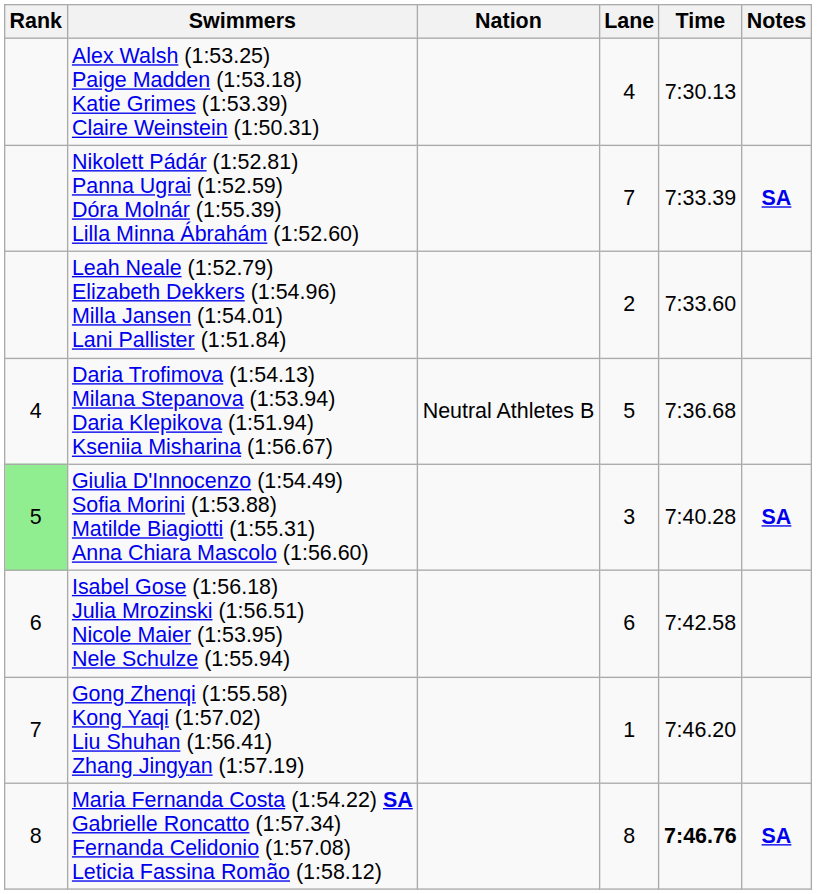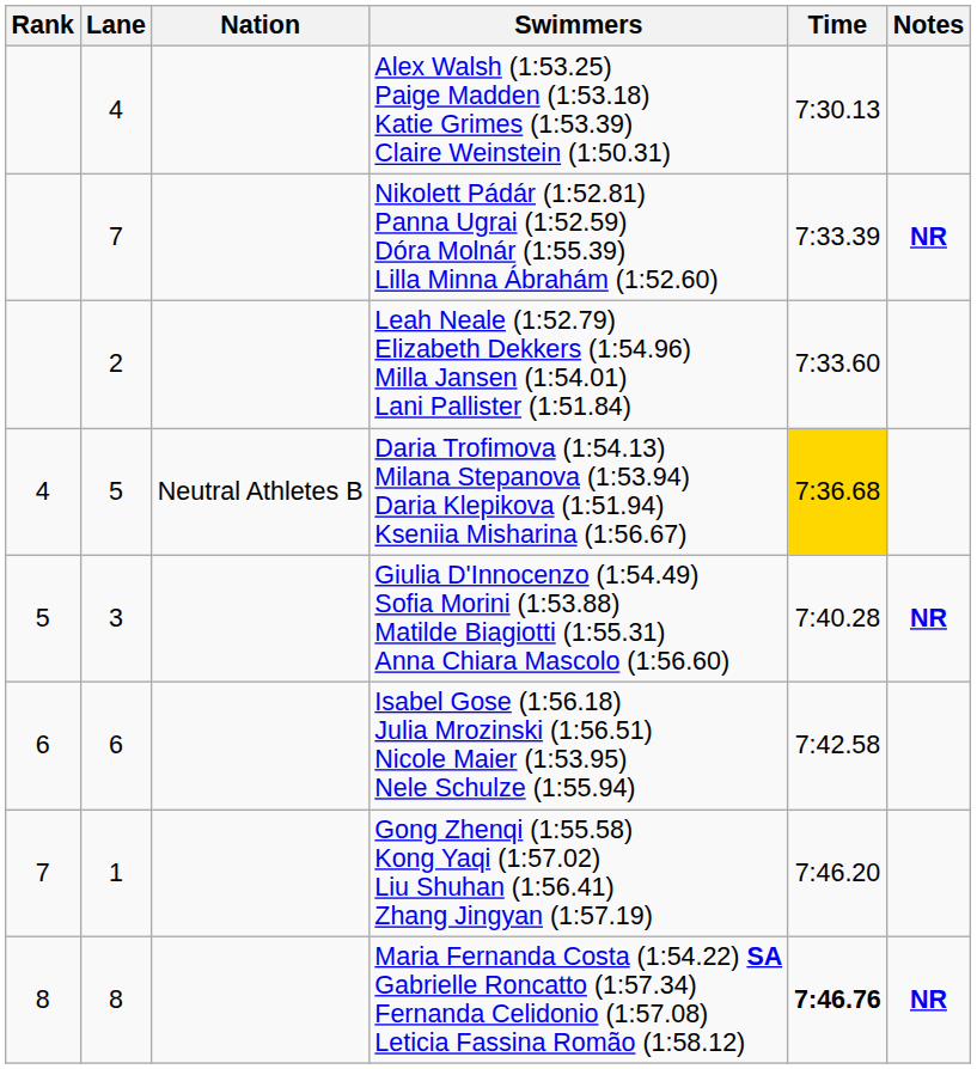 <table class="wikitable sortable" style="text-align:center">
 <tr>
 <th>Rank</th>
+<th>Lane</th>
+<th>Nation</th>
 <th>Swimmers</th>
-<th>Nation</th>
-<th>Lane</th>
 <th>Time</th>
 <th>Notes</th>
 </tr>
 <tr>
 <td></td>
+<td>4</td>
+<td align=left></td>
 <td align=left><a href='#'>Alex Walsh</a> (1:53.25)<br><a href='#'>Paige Madden</a> (1:53.18)<br><a href='#'>Katie Grimes</a> (1:53.39)<br><a href='#'>Claire Weinstein</a> (1:50.31)</td>
-<td align=left></td>
-<td>4</td>
 <td>7:30.13</td>
 <td></td>
 </tr>
 <tr>
 <td></td>
+<td>7</td>
+<td align=left></td>
 <td align=left><a href='#'>Nikolett Pádár</a> (1:52.81)<br><a href='#'>Panna Ugrai</a> (1:52.59)<br><a href='#'>Dóra Molnár</a> (1:55.39)<br><a href='#'>Lilla Minna Ábrahám</a> (1:52.60)</td>
-<td align=left></td>
-<td>7</td>
 <td>7:33.39</td>
-<td><strong><a href='#'>SA</a></strong></td>
+<td><strong><a href='#'>NR</a></strong></td>
 </tr>
 <tr>
 <td></td>
+<td>2</td>
+<td align=left></td>
 <td align=left><a href='#'>Leah Neale</a> (1:52.79)<br><a href='#'>Elizabeth Dekkers</a> (1:54.96)<br><a href='#'>Milla Jansen</a> (1:54.01)<br><a href='#'>Lani Pallister</a> (1:51.84)</td>
-<td align=left></td>
-<td>2</td>
 <td>7:33.60</td>
 <td></td>
 </tr>
 <tr>
 <td>4</td>
+<td>5</td>
+<td align=left> Neutral Athletes B</td>
 <td align=left><a href='#'>Daria Trofimova</a> (1:54.13)<br><a href='#'>Milana Stepanova</a> (1:53.94)<br><a href='#'>Daria Klepikova</a> (1:51.94)<br><a href='#'>Kseniia Misharina</a> (1:56.67)</td>
-<td align=left> Neutral Athletes B</td>
-<td>5</td>
-<td>7:36.68</td>
+<td style="background: gold;">7:36.68</td>
 <td></td>
 </tr>
 <tr>
-<td style="background: lightgreen;">5</td>
+<td>5</td>
+<td>3</td>
+<td align=left></td>
 <td align=left><a href='#'>Giulia D'Innocenzo</a> (1:54.49)<br><a href='#'>Sofia Morini</a> (1:53.88)<br><a href='#'>Matilde Biagiotti</a> (1:55.31)<br><a href='#'>Anna Chiara Mascolo</a> (1:56.60)</td>
-<td align=left></td>
-<td>3</td>
 <td>7:40.28</td>
-<td><strong><a href='#'>SA</a></strong></td>
+<td><strong><a href='#'>NR</a></strong></td>
 </tr>
 <tr>
 <td>6</td>
+<td>6</td>
+<td align=left></td>
 <td align=left><a href='#'>Isabel Gose</a> (1:56.18)<br><a href='#'>Julia Mrozinski</a> (1:56.51)<br><a href='#'>Nicole Maier</a> (1:53.95)<br><a href='#'>Nele Schulze</a> (1:55.94)</td>
-<td align=left></td>
-<td>6</td>
 <td>7:42.58</td>
 <td></td>
 </tr>
 <tr>
 <td>7</td>
+<td>1</td>
+<td align=left></td>
 <td align=left><a href='#'>Gong Zhenqi</a> (1:55.58)<br><a href='#'>Kong Yaqi</a> (1:57.02)<br><a href='#'>Liu Shuhan</a> (1:56.41)<br><a href='#'>Zhang Jingyan</a> (1:57.19)</td>
-<td align=left></td>
-<td>1</td>
 <td>7:46.20</td>
 <td></td>
 </tr>
 <tr>
 <td>8</td>
+<td>8</td>
+<td align=left></td>
 <td align=left><a href='#'>Maria Fernanda Costa</a> (1:54.22) <strong><a href='#'>SA</a></strong><br><a href='#'>Gabrielle Roncatto</a> (1:57.34)<br><a href='#'>Fernanda Celidonio</a> (1:57.08)<br><a href='#'>Leticia Fassina Romão</a> (1:58.12)</td>
-<td align=left></td>
-<td>8</td>
 <td><strong>7:46.76</strong></td>
-<td><strong><a href='#'>SA</a></strong></td>
+<td><strong><a href='#'>NR</a></strong></td>
 </tr>
 </table>
